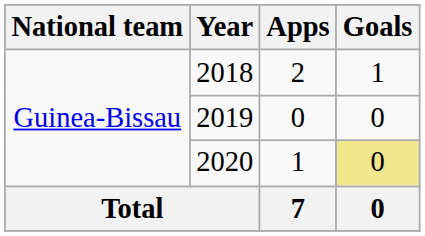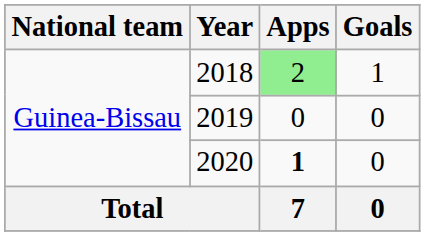 <table class="wikitable" style="text-align:center">
 <tr>
 <th>National team</th>
 <th>Year</th>
 <th>Apps</th>
 <th>Goals</th>
 </tr>
 <tr>
 <td rowspan="3"><a href='#'>Guinea-Bissau</a></td>
 <td>2018</td>
-<td>2</td>
+<td style="background: lightgreen;">2</td>
 <td>1</td>
 </tr>
 <tr>
 <td>2019</td>
 <td>0</td>
 <td>0</td>
 </tr>
 <tr>
 <td>2020</td>
-<td>1</td>
-<td style="background: khaki;">0</td>
+<td><strong>1</strong></td>
+<td>0</td>
 </tr>
 <tr>
 <th colspan=2>Total</th>
 <th>7</th>
 <th>0</th>
 </tr>
 </table>
